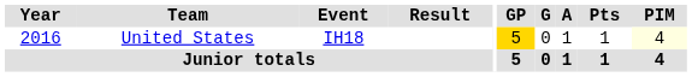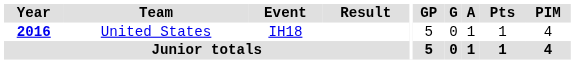 <table border="0" cellpadding="1" cellspacing="0" ID="Table3" style="text-align:center; width:40em">
 <tr bgcolor="#e0e0e0">
 <th>Year</th>
 <th>Team</th>
 <th>Event</th>
 <th>Result</th>
 <th rowspan="99" bgcolor="#ffffff"></th>
 <th>GP</th>
 <th>G</th>
 <th>A</th>
 <th>Pts</th>
 <th>PIM</th>
 </tr>
 <tr>
-<td><a href='#'>2016</a></td>
+<td><strong><a href='#'>2016</a></strong></td>
 <td><a href='#'>United States</a></td>
 <td><a href='#'>IH18</a></td>
 <td></td>
-<td style="background: gold;">5</td>
+<td>5</td>
 <td>0</td>
 <td>1</td>
 <td>1</td>
-<td style="background: lightyellow;">4</td>
+<td>4</td>
 </tr>
 <tr bgcolor="#e0e0e0">
 <th colspan="4">Junior totals</th>
 <th>5</th>
 <th>0</th>
 <th>1</th>
 <th>1</th>
 <th>4</th>
 </tr>
 </table>
